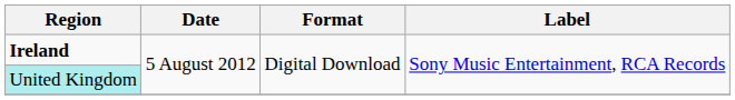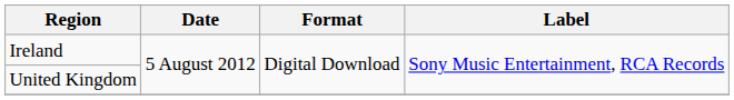 <table class=wikitable>
 <tr>
 <th>Region</th>
 <th>Date</th>
 <th>Format</th>
 <th>Label</th>
 </tr>
 <tr>
-<td><strong>Ireland</strong></td>
+<td>Ireland</td>
 <td rowspan="2">5 August 2012</td>
 <td rowspan="2">Digital Download</td>
 <td rowspan="2"><a href='#'>Sony Music Entertainment</a>, <a href='#'>RCA Records</a></td>
 </tr>
 <tr>
-<td style="background: paleturquoise;">United Kingdom</td>
+<td>United Kingdom</td>
 </tr>
 <tr>
 </tr>
 </table>
